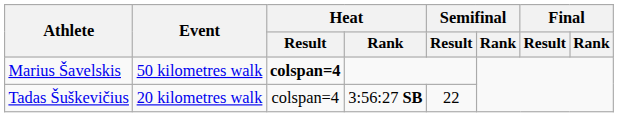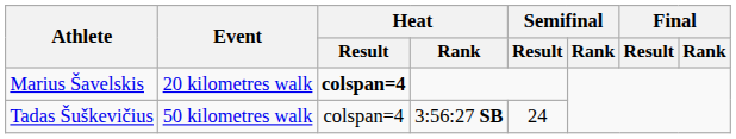 <table class="wikitable" style="font-size:90%">
 <tr>
 <th rowspan="2">Athlete</th>
 <th rowspan="2">Event</th>
 <th colspan="2">Heat</th>
 <th colspan="2">Semifinal</th>
 <th colspan="2">Final</th>
 </tr>
 <tr style="font-size:95%">
 <th>Result</th>
 <th>Rank</th>
 <th>Result</th>
 <th>Rank</th>
 <th>Result</th>
 <th>Rank</th>
 </tr>
 <tr style=text-align:center>
 <td style=text-align:left><a href='#'>Marius Šavelskis</a></td>
-<td style=text-align:left><a href='#'>50 kilometres walk</a></td>
+<td style=text-align:left><a href='#'>20 kilometres walk</a></td>
 <td><strong>colspan=4 </strong></td>
 <td colspan=2></td>
 </tr>
 <tr style=text-align:center>
 <td style=text-align:left><a href='#'>Tadas Šuškevičius</a></td>
-<td style=text-align:left><a href='#'>20 kilometres walk</a></td>
+<td style=text-align:left><a href='#'>50 kilometres walk</a></td>
 <td>colspan=4 </td>
 <td>3:56:27 <strong>SB</strong></td>
-<td>22</td>
+<td>24</td>
 </tr>
 </table>
